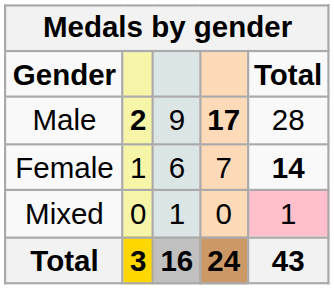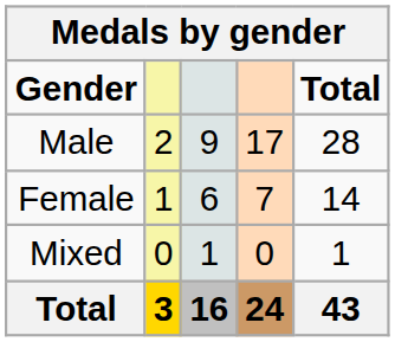 <table class="wikitable" style="font-size:85%; float:right">
 <tr style="background:#efefef;">
 <th colspan=5><strong>Medals by gender</strong></th>
 </tr>
 <tr align=center>
 <td><strong>Gender</strong></td>
 <td style="background:#f7f6a8;"></td>
 <td style="background:#dce5e5;"></td>
 <td style="background:#ffdab9;"></td>
 <td><strong>Total</strong></td>
 </tr>
 <tr align=center>
 <td>Male</td>
-<td style="background:#F7F6A8;"><strong>2</strong></td>
+<td style="background:#F7F6A8;">2</td>
 <td style="background:#DCE5E5;">9</td>
-<td style="background:#FFDAB9;"><strong>17</strong></td>
+<td style="background:#FFDAB9;">17</td>
 <td>28</td>
 </tr>
 <tr align=center>
 <td>Female</td>
 <td style="background:#F7F6A8;">1</td>
 <td style="background:#DCE5E5;">6</td>
 <td style="background:#FFDAB9;">7</td>
-<td><strong>14</strong></td>
+<td>14</td>
 </tr>
 <tr align=center>
 <td>Mixed</td>
 <td style="background:#F7F6A8;">0</td>
 <td style="background:#DCE5E5;">1</td>
 <td style="background:#FFDAB9;">0</td>
-<td style="background: pink;">1</td>
+<td>1</td>
 </tr>
 <tr align=center>
 <th><strong>Total</strong></th>
 <th style="background:gold;"><strong>3</strong></th>
 <th style="background:silver;"><strong>16</strong></th>
 <th style="background:#c96;"><strong>24</strong></th>
 <th><strong>43</strong></th>
 </tr>
 </table>
